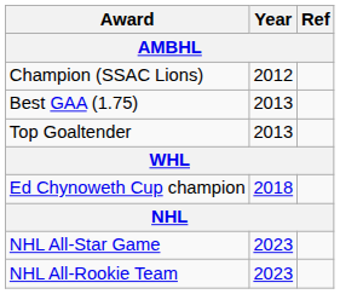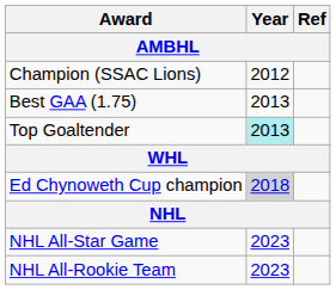 <table class="wikitable">
 <tr>
 <th>Award</th>
 <th>Year</th>
 <th>Ref</th>
 </tr>
 <tr>
 <th colspan="3"><a href='#'>AMBHL</a></th>
 </tr>
 <tr>
 <td>Champion (SSAC Lions)</td>
 <td>2012</td>
 <td></td>
 </tr>
 <tr>
 <td>Best <a href='#'>GAA</a> (1.75)</td>
 <td>2013</td>
 <td></td>
 </tr>
 <tr>
 <td>Top Goaltender</td>
-<td>2013</td>
+<td style="background: paleturquoise;">2013</td>
 <td></td>
 </tr>
 <tr>
 <th colspan="3"><a href='#'>WHL</a></th>
 </tr>
 <tr>
 <td><a href='#'>Ed Chynoweth Cup</a> champion</td>
-<td><a href='#'>2018</a></td>
+<td style="background: lightgrey;"><a href='#'>2018</a></td>
 <td></td>
 </tr>
 <tr>
 <th colspan="3"><a href='#'>NHL</a></th>
 </tr>
 <tr>
 <td><a href='#'>NHL All-Star Game</a></td>
 <td><a href='#'>2023</a></td>
 <td></td>
 </tr>
 <tr>
 <td><a href='#'>NHL All-Rookie Team</a></td>
 <td><a href='#'>2023</a></td>
 <td></td>
 </tr>
 </table>
